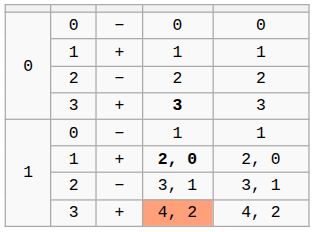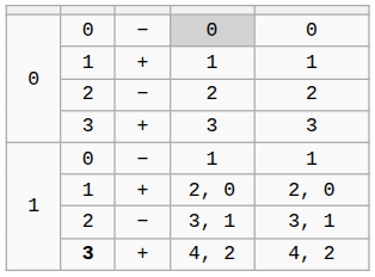 <table class="wikitable" style="margin-left:auto; margin-right:auto; text-align:center;">
 <tr>
 <th style="width:30px;"><a href='#'></a></th>
 <th style="width:30px;"><a href='#'></a></th>
 <th style="width:30px;"><a href='#'></a></th>
 <th style="width:50px;"><a href='#'></a></th>
 <th style="width:70px;"></th>
 </tr>
 <tr>
 <td rowspan="4">0</td>
 <td>0</td>
 <td>−</td>
-<td>0</td>
+<td style="background: lightgrey;">0</td>
 <td>0</td>
 </tr>
 <tr>
 <td>1</td>
 <td>+</td>
 <td>1</td>
 <td>1</td>
 </tr>
 <tr>
 <td>2</td>
 <td>−</td>
 <td>2</td>
 <td>2</td>
 </tr>
 <tr>
 <td>3</td>
 <td>+</td>
-<td><strong>3</strong></td>
+<td>3</td>
 <td>3</td>
 </tr>
 <tr>
 <td rowspan="4">1</td>
 <td>0</td>
 <td>−</td>
 <td>1</td>
 <td>1</td>
 </tr>
 <tr>
 <td>1</td>
 <td>+</td>
-<td><strong>2, 0</strong></td>
+<td>2, 0</td>
 <td>2, 0</td>
 </tr>
 <tr>
 <td>2</td>
 <td>−</td>
 <td>3, 1</td>
 <td>3, 1</td>
 </tr>
 <tr>
-<td>3</td>
+<td><strong>3</strong></td>
 <td>+</td>
-<td style="background: lightsalmon;">4, 2</td>
+<td>4, 2</td>
 <td>4, 2</td>
 </tr>
 </table>
